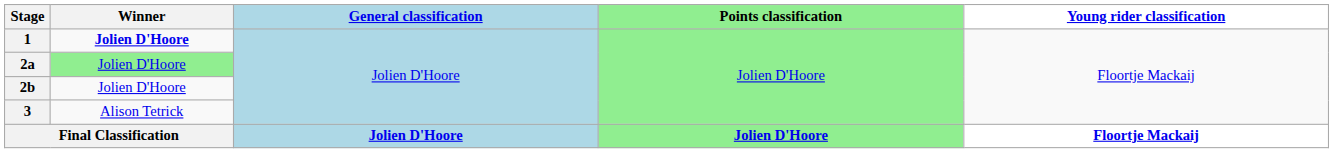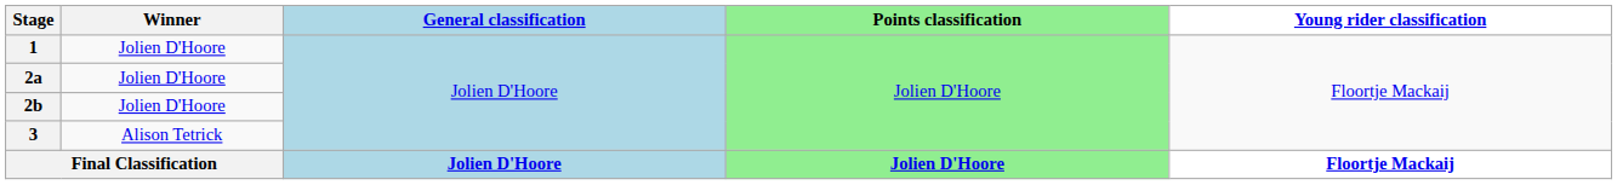 <table class="wikitable" style="text-align: center; font-size:86%;">
 <tr style="background-color: #efefef;">
 <th width="1%">Stage</th>
 <th width="10%">Winner</th>
 <th scope=col style="background:lightblue;" width="20%"><a href='#'>General classification</a></th>
 <th scope=col style="background:lightgreen;" width="20%">Points classification</th>
 <th scope=col style="background:white;" width="20%"><a href='#'>Young rider classification</a></th>
 </tr>
 <tr>
 <th>1</th>
-<td><strong><a href='#'>Jolien D'Hoore</a></strong></td>
+<td><a href='#'>Jolien D'Hoore</a></td>
 <td style="background:lightblue;" rowspan=4><a href='#'>Jolien D'Hoore</a></td>
 <td style="background:lightgreen;" rowspan=4><a href='#'>Jolien D'Hoore</a></td>
 <td style="background:offwhite;" rowspan=4><a href='#'>Floortje Mackaij</a></td>
 </tr>
 <tr>
 <th>2a</th>
-<td style="background: lightgreen;"><a href='#'>Jolien D'Hoore</a></td>
+<td><a href='#'>Jolien D'Hoore</a></td>
 </tr>
 <tr>
 <th>2b</th>
 <td><a href='#'>Jolien D'Hoore</a></td>
 </tr>
 <tr>
 <th>3</th>
 <td><a href='#'>Alison Tetrick</a></td>
 </tr>
 <tr>
 <th colspan="2"><strong>Final Classification</strong></th>
 <th style="background:lightblue;"><a href='#'>Jolien D'Hoore</a></th>
 <th style="background:lightgreen;"><a href='#'>Jolien D'Hoore</a></th>
 <th style="background:white;"><a href='#'>Floortje Mackaij</a></th>
 </tr>
 </table>
